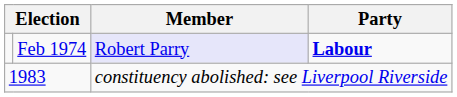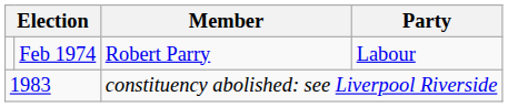 <table class="wikitable">
 <tr>
 <th colspan="2">Election</th>
 <th>Member</th>
 <th>Party</th>
 </tr>
 <tr>
 <td style="color:inherit;background-color: "></td>
 <td><a href='#'>Feb 1974</a></td>
-<td style="background: lavender;"><a href='#'>Robert Parry</a></td>
-<td><strong><a href='#'>Labour</a></strong></td>
+<td><a href='#'>Robert Parry</a></td>
+<td><a href='#'>Labour</a></td>
 </tr>
 <tr>
 <td colspan="2"><a href='#'>1983</a></td>
 <td colspan="2"><em>constituency abolished: see <a href='#'>Liverpool Riverside</a></em></td>
 </tr>
 </table>
